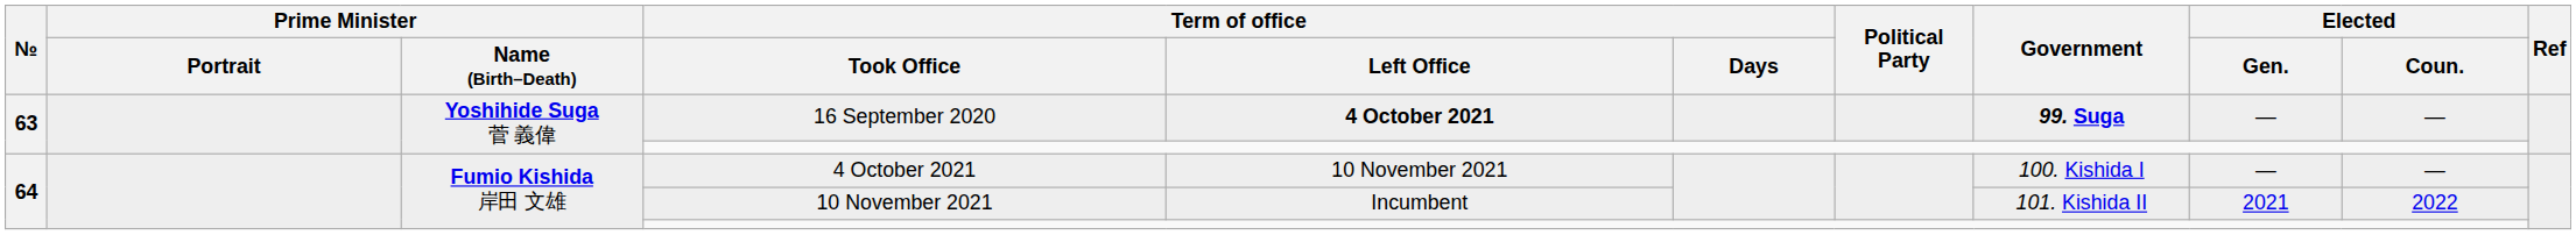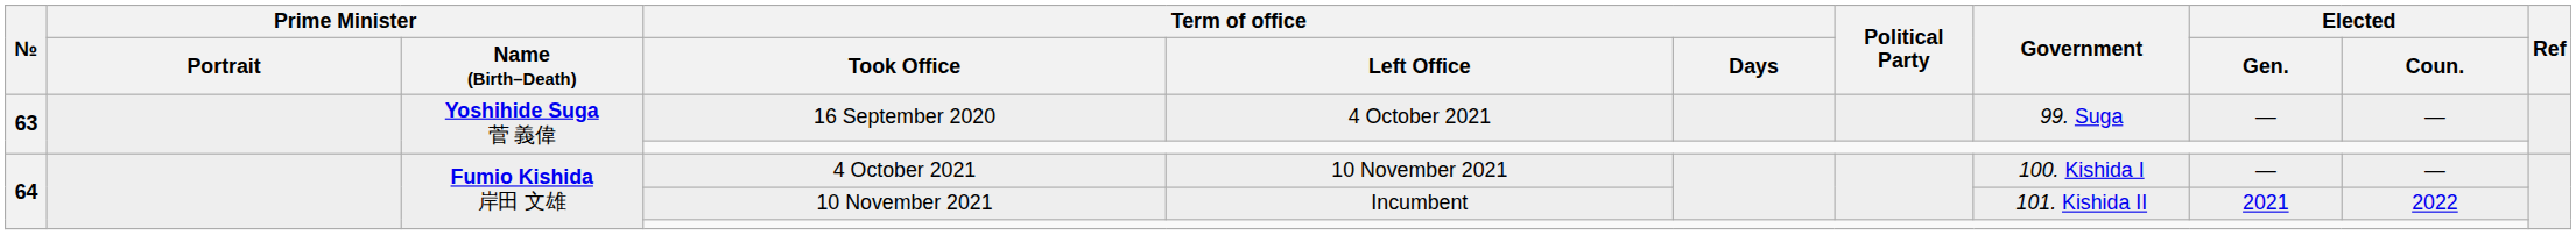 <table class="wikitable"  style="text-align:center"  width="100%">
 <tr>
 <th rowspan=2 style="width:25px;">№</th>
 <th colspan=2 style="width:280px;">Prime Minister</th>
 <th colspan=3>Term of office</th>
 <th style="width:100px;" rowspan="2">Political Party</th>
 <th style="width:160px;" rowspan="2">Government</th>
 <th colspan=2>Elected</th>
 <th rowspan=2 style="width:20px;">Ref</th>
 </tr>
 <tr>
 <th>Portrait</th>
 <th width=180px>Name<br><small>(Birth–Death)</small></th>
 <th>Took Office</th>
 <th>Left Office</th>
 <th>Days</th>
 <th>Gen.</th>
 <th>Coun.</th>
 </tr>
 <tr bgcolor=#EEEEEE>
 <th rowspan=2 style="background:">63</th>
 <td rowspan=2></td>
 <td rowspan=2><strong><a href='#'>Yoshihide Suga</a></strong><br><span><span>菅 義偉</span></span><br></td>
 <td>16 September 2020</td>
-<td><strong>4 October 2021</strong></td>
+<td>4 October 2021</td>
 <td></td>
 <td style="background:"><a href='#'></a></td>
-<td><strong><em>99.</em> <a href='#'>Suga</a><br></strong></td>
+<td><em>99.</em> <a href='#'>Suga</a><br></td>
 <td>—</td>
 <td>—</td>
 <td rowspan="2"></td>
 </tr>
 <tr>
 <td colspan=7 align=left></td>
 </tr>
 <tr bgcolor=#EEEEEE>
 <th rowspan=3 style="background:">64</th>
 <td rowspan=3></td>
 <td rowspan=3><strong><a href='#'>Fumio Kishida</a></strong><br><span><span>岸田 文雄</span><br></span></td>
 <td>4 October 2021</td>
 <td>10 November 2021</td>
 <td rowspan=2></td>
 <td rowspan=2 style="background:"><a href='#'></a></td>
 <td><em>100.</em> <a href='#'>Kishida I</a><br></td>
 <td>—</td>
 <td>—</td>
 <td rowspan=3></td>
 </tr>
 <tr bgcolor=#EEEEEE>
 <td>10 November 2021</td>
 <td>Incumbent</td>
 <td><em>101.</em> <a href='#'>Kishida II</a><br></td>
 <td><a href='#'>2021</a></td>
 <td><a href='#'>2022</a></td>
 </tr>
 <tr>
 <td colspan=7 align=left></td>
 </tr>
 </table>
